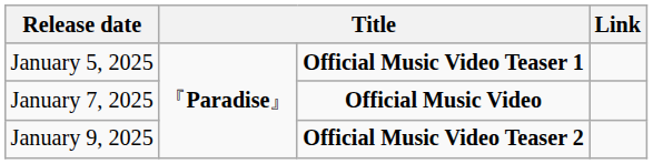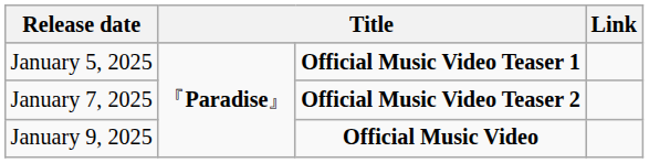 <table class="wikitable mw-collapsible" style="font-size:small;text-align:center;">
 <tr>
 <th>Release date</th>
 <th colspan="2">Title</th>
 <th>Link</th>
 </tr>
 <tr>
 <td>January 5, 2025</td>
 <td rowspan="9">『<strong>Paradise</strong>』</td>
 <td><strong>Official Music Video Teaser 1</strong></td>
 <td></td>
 </tr>
 <tr>
 <td>January 7, 2025</td>
-<td><strong>Official Music Video</strong></td>
+<td><strong>Official Music Video Teaser 2</strong></td>
 <td></td>
 </tr>
 <tr>
 <td>January 9, 2025</td>
-<td><strong>Official Music Video Teaser 2</strong></td>
+<td><strong>Official Music Video</strong></td>
 <td></td>
 </tr>
 </table>
